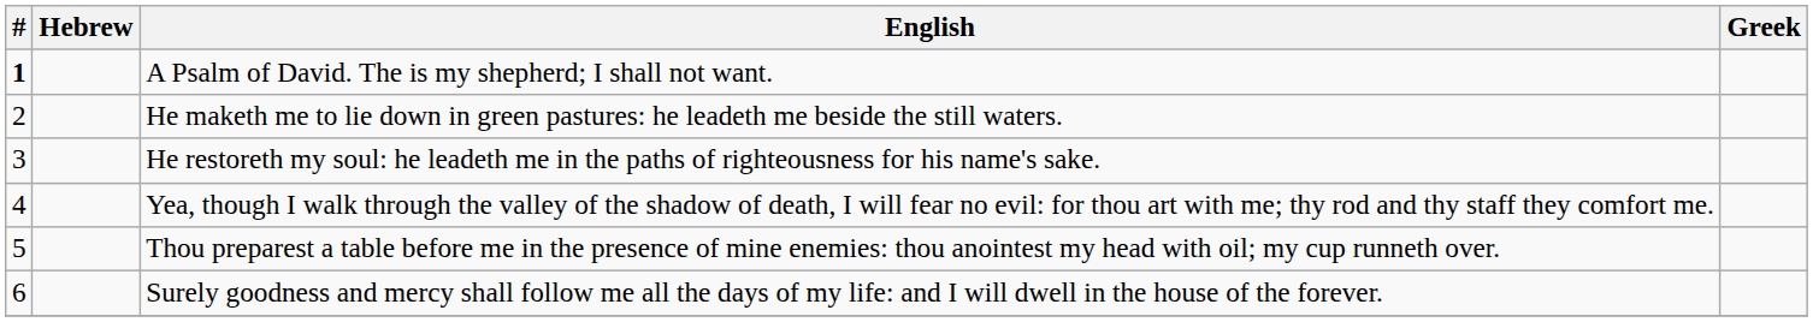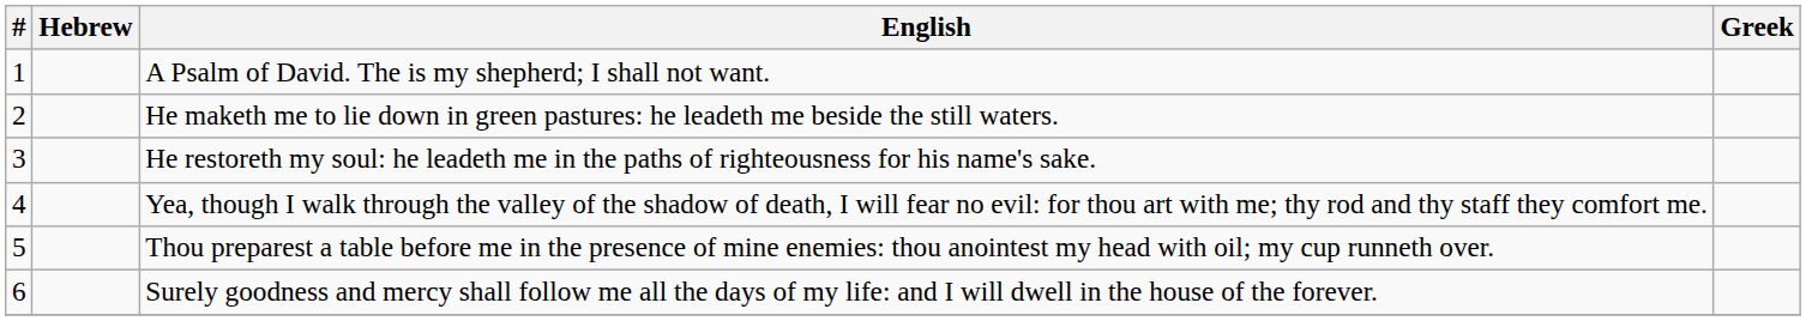 <table class=wikitable>
 <tr>
 <th>#</th>
 <th>Hebrew</th>
 <th>English</th>
 <th>Greek</th>
 </tr>
 <tr>
-<td style="text-align:right"><strong>1</strong></td>
+<td style="text-align:right">1</td>
 <td style="text-align:right"></td>
 <td>A Psalm of David. The  is my shepherd; I shall not want.</td>
 <td></td>
 </tr>
 <tr>
 <td style="text-align:right">2</td>
 <td style="text-align:right"></td>
 <td>He maketh me to lie down in green pastures: he leadeth me beside the still waters.</td>
 <td></td>
 </tr>
 <tr>
 <td style="text-align:right">3</td>
 <td style="text-align:right"></td>
 <td>He restoreth my soul: he leadeth me in the paths of righteousness for his name's sake.</td>
 <td></td>
 </tr>
 <tr>
 <td style="text-align:right">4</td>
 <td style="text-align:right"></td>
 <td>Yea, though I walk through the valley of the shadow of death, I will fear no evil: for thou art with me; thy rod and thy staff they comfort me.</td>
 <td></td>
 </tr>
 <tr>
 <td style="text-align:right">5</td>
 <td style="text-align:right"></td>
 <td>Thou preparest a table before me in the presence of mine enemies: thou anointest my head with oil; my cup runneth over.</td>
 <td></td>
 </tr>
 <tr>
 <td style="text-align:right">6</td>
 <td style="text-align:right"></td>
 <td>Surely goodness and mercy shall follow me all the days of my life: and I will dwell in the house of the  forever.</td>
 <td></td>
 </tr>
 <tr>
 </tr>
 </table>
